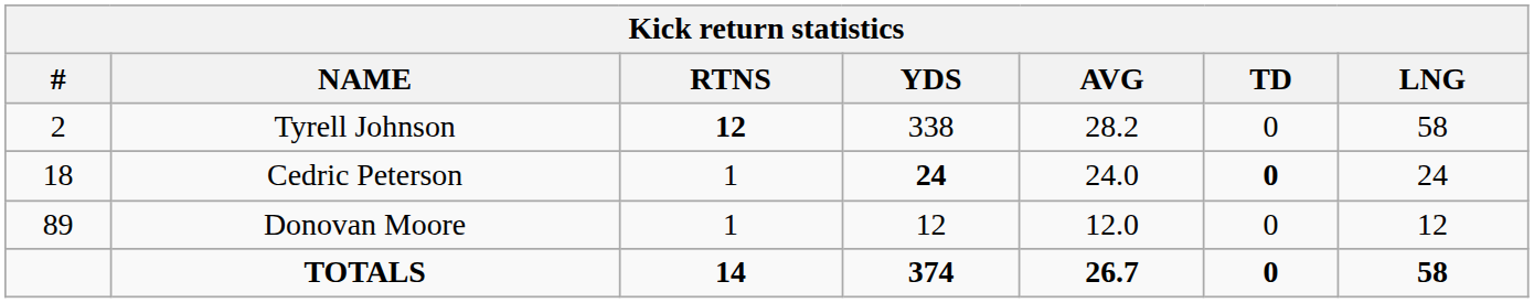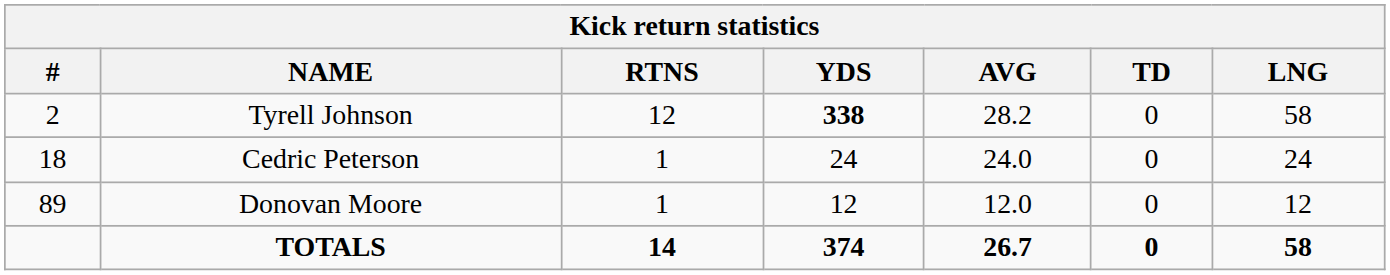 <table style="width:40%; text-align:center;" class="wikitable collapsible collapsed">
 <tr>
 <th colspan="8">Kick return statistics</th>
 </tr>
 <tr>
 <th>#</th>
 <th>NAME</th>
 <th>RTNS</th>
 <th>YDS</th>
 <th>AVG</th>
 <th>TD</th>
 <th>LNG</th>
 </tr>
 <tr>
 <td>2</td>
 <td>Tyrell Johnson</td>
-<td><strong>12</strong></td>
-<td>338</td>
+<td>12</td>
+<td><strong>338</strong></td>
 <td>28.2</td>
 <td>0</td>
 <td>58</td>
 </tr>
 <tr>
 <td>18</td>
 <td>Cedric Peterson</td>
 <td>1</td>
-<td><strong>24</strong></td>
+<td>24</td>
 <td>24.0</td>
-<td><strong>0</strong></td>
+<td>0</td>
 <td>24</td>
 </tr>
 <tr>
 <td>89</td>
 <td>Donovan Moore</td>
 <td>1</td>
 <td>12</td>
 <td>12.0</td>
 <td>0</td>
 <td>12</td>
 </tr>
 <tr>
 <td></td>
 <td><strong>TOTALS</strong></td>
 <td><strong>14</strong></td>
 <td><strong>374</strong></td>
 <td><strong>26.7</strong></td>
 <td><strong>0</strong></td>
 <td><strong>58</strong></td>
 </tr>
 </table>
